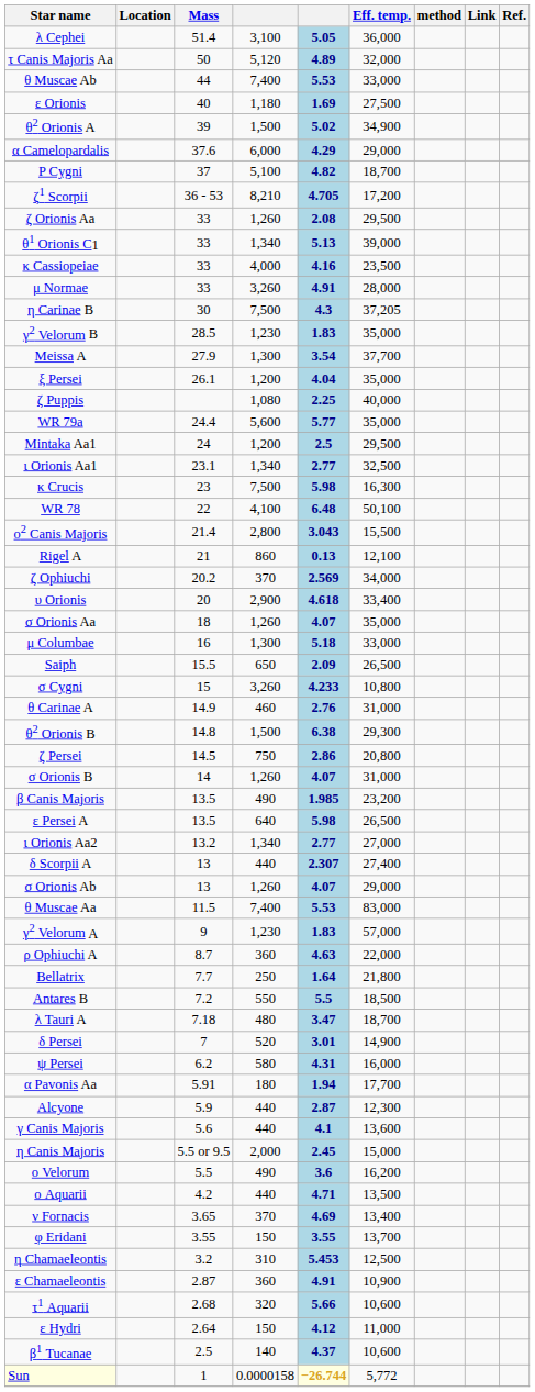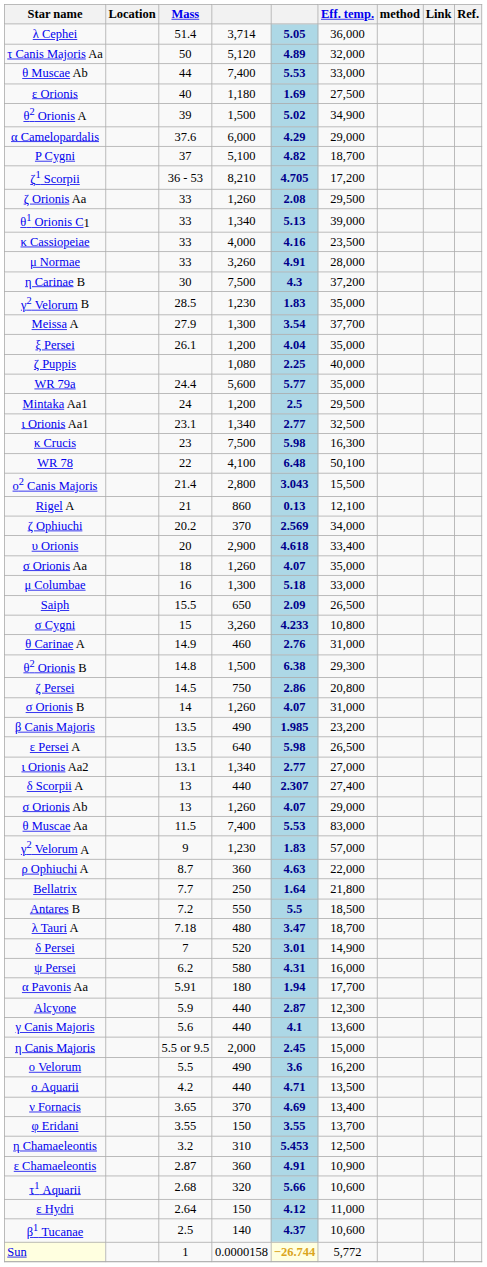 <table class="wikitable sortable">
 <tr style="vertical-align:bottom;">
 <th>Star name</th>
 <th>Location</th>
 <th><a href='#'>Mass</a></th>
 <th></th>
 <th></th>
 <th><a href='#'>Eff. temp.</a></th>
 <th>method</th>
 <th>Link</th>
 <th>Ref.</th>
 </tr>
 <tr style="text-align:center;">
 <td style="background: "><a href='#'>λ Cephei</a></td>
 <td></td>
 <td>51.4</td>
-<td>3,100</td>
+<td>3,714</td>
 <td style="background:lightblue;color:darkblue;"><strong>5.05</strong></td>
 <td>36,000</td>
 <td></td>
 <td></td>
 <td></td>
 </tr>
 <tr style="text-align:center;">
 <td style="background: "><a href='#'>τ Canis Majoris</a> Aa</td>
 <td></td>
 <td>50</td>
 <td>5,120</td>
 <td style="background:lightblue;color:darkblue;"><strong>4.89</strong></td>
 <td>32,000</td>
 <td></td>
 <td></td>
 <td></td>
 </tr>
 <tr style="text-align:center;">
 <td style="background: "><a href='#'>θ Muscae</a> Ab</td>
 <td></td>
 <td>44</td>
 <td>7,400</td>
 <td style="background:lightblue;color:darkblue;"><strong>5.53</strong><br></td>
 <td>33,000</td>
 <td></td>
 <td></td>
 <td></td>
 </tr>
 <tr style="text-align:center;">
 <td style="background: "><a href='#'>ε Orionis</a></td>
 <td></td>
 <td>40</td>
 <td>1,180</td>
 <td style="background:lightblue;color:darkblue;"><strong>1.69</strong></td>
 <td>27,500</td>
 <td></td>
 <td></td>
 <td></td>
 </tr>
 <tr style="text-align:center;">
 <td style="background: "><a href='#'>θ<sup>2</sup> Orionis</a> A</td>
 <td></td>
 <td>39</td>
 <td>1,500</td>
 <td style="background:lightblue;color:darkblue;"><strong>5.02</strong></td>
 <td>34,900</td>
 <td></td>
 <td></td>
 <td></td>
 </tr>
 <tr style="text-align:center;">
 <td style="background: "><a href='#'>α Camelopardalis</a></td>
 <td></td>
 <td>37.6</td>
 <td>6,000</td>
 <td style="background:lightblue;color:darkblue;"><strong>4.29</strong></td>
 <td>29,000</td>
 <td></td>
 <td></td>
 <td></td>
 </tr>
 <tr style="text-align:center;">
 <td style="background: "><a href='#'>P Cygni</a></td>
 <td></td>
 <td>37</td>
 <td>5,100</td>
 <td style="background:lightblue;color:darkblue;"><strong>4.82</strong></td>
 <td>18,700</td>
 <td></td>
 <td></td>
 <td></td>
 </tr>
 <tr style="text-align:center;">
 <td style="background: "><a href='#'>ζ<sup>1</sup> Scorpii</a></td>
 <td></td>
 <td>36 - 53</td>
 <td>8,210</td>
 <td style="background:lightblue;color:darkblue;"><strong>4.705</strong></td>
 <td>17,200</td>
 <td></td>
 <td></td>
 <td></td>
 </tr>
 <tr style="text-align:center;">
 <td style="background: "><a href='#'>ζ Orionis</a> Aa</td>
 <td></td>
 <td>33</td>
 <td>1,260</td>
 <td style="background:lightblue;color:darkblue;"><strong>2.08</strong></td>
 <td>29,500</td>
 <td></td>
 <td></td>
 <td></td>
 </tr>
 <tr style="text-align:center;">
 <td style="background: "><a href='#'>θ<sup>1</sup> Orionis C</a>1</td>
 <td></td>
 <td>33</td>
 <td>1,340</td>
 <td style="background:lightblue;color:darkblue;"><strong>5.13</strong><br></td>
 <td>39,000</td>
 <td></td>
 <td></td>
 <td></td>
 </tr>
 <tr style="text-align:center;">
 <td style="background: "><a href='#'>κ Cassiopeiae</a></td>
 <td></td>
 <td>33</td>
 <td>4,000</td>
 <td style="background:lightblue;color:darkblue;"><strong>4.16</strong></td>
 <td>23,500</td>
 <td></td>
 <td></td>
 <td></td>
 </tr>
 <tr style="text-align:center;">
 <td style="background: "><a href='#'>μ Normae</a></td>
 <td></td>
 <td>33</td>
 <td>3,260</td>
 <td style="background:lightblue;color:darkblue;"><strong>4.91</strong></td>
 <td>28,000</td>
 <td></td>
 <td></td>
 <td></td>
 </tr>
 <tr style="text-align:center;">
 <td style="background: "><a href='#'>η Carinae</a> B</td>
 <td></td>
 <td>30</td>
 <td>7,500</td>
 <td style="background:lightblue;color:darkblue;"><strong>4.3</strong><br></td>
-<td>37,205</td>
+<td>37,200</td>
 <td></td>
 <td></td>
 <td></td>
 </tr>
 <tr style="text-align:center;">
 <td style="background: "><a href='#'>γ<sup>2</sup> Velorum</a> B</td>
 <td></td>
 <td>28.5</td>
 <td>1,230</td>
 <td style="background:lightblue;color:darkblue;"><strong>1.83</strong><br></td>
 <td>35,000</td>
 <td></td>
 <td></td>
 <td></td>
 </tr>
 <tr style="text-align:center;">
 <td style="background: "><a href='#'>Meissa</a> A</td>
 <td></td>
 <td>27.9</td>
 <td>1,300</td>
 <td style="background:lightblue;color:darkblue;"><strong>3.54</strong></td>
 <td>37,700</td>
 <td></td>
 <td></td>
 <td></td>
 </tr>
 <tr style="text-align:center;">
 <td style="background: "><a href='#'>ξ Persei</a></td>
 <td></td>
 <td>26.1</td>
 <td>1,200</td>
 <td style="background:lightblue;color:darkblue;"><strong>4.04</strong></td>
 <td>35,000</td>
 <td></td>
 <td></td>
 <td></td>
 </tr>
 <tr style="text-align:center;">
 <td style="background: "><a href='#'>ζ Puppis</a></td>
 <td></td>
 <td></td>
 <td>1,080</td>
 <td style="background:lightblue;color:darkblue;"><strong>2.25</strong></td>
 <td>40,000</td>
 <td></td>
 <td></td>
 <td></td>
 </tr>
 <tr style="text-align:center;">
 <td style="background: "><a href='#'>WR 79a</a></td>
 <td></td>
 <td>24.4</td>
 <td>5,600</td>
 <td style="background:lightblue;color:darkblue;"><strong>5.77</strong></td>
 <td>35,000</td>
 <td></td>
 <td></td>
 <td></td>
 </tr>
 <tr style="text-align:center;">
 <td style="background: "><a href='#'>Mintaka</a> Aa1</td>
 <td></td>
 <td>24</td>
 <td>1,200</td>
 <td style="background:lightblue;color:darkblue;"><strong>2.5</strong><br></td>
 <td>29,500</td>
 <td></td>
 <td></td>
 <td></td>
 </tr>
 <tr style="text-align:center;">
 <td style="background: "><a href='#'>ι Orionis</a> Aa1</td>
 <td></td>
 <td>23.1</td>
 <td>1,340</td>
 <td style="background:lightblue;color:darkblue;"><strong>2.77</strong><br></td>
 <td>32,500</td>
 <td></td>
 <td></td>
 <td></td>
 </tr>
 <tr style="text-align:center;">
 <td style="background: "><a href='#'>κ Crucis</a></td>
 <td></td>
 <td>23</td>
 <td>7,500</td>
 <td style="background:lightblue;color:darkblue;"><strong>5.98</strong></td>
 <td>16,300</td>
 <td></td>
 <td></td>
 <td></td>
 </tr>
 <tr style="text-align:center;">
 <td style="background: "><a href='#'>WR 78</a></td>
 <td></td>
 <td>22</td>
 <td>4,100</td>
 <td style="background:lightblue;color:darkblue;"><strong>6.48</strong></td>
 <td>50,100</td>
 <td></td>
 <td></td>
 <td></td>
 </tr>
 <tr style="text-align:center;">
 <td style="background: "><a href='#'>ο<sup>2</sup> Canis Majoris</a></td>
 <td></td>
 <td>21.4</td>
 <td>2,800</td>
 <td style="background:lightblue;color:darkblue;"><strong>3.043</strong></td>
 <td>15,500</td>
 <td></td>
 <td></td>
 <td></td>
 </tr>
 <tr style="text-align:center;">
 <td style="background: "><a href='#'>Rigel</a> A</td>
 <td></td>
 <td>21</td>
 <td>860</td>
 <td style="background:lightblue;color:darkblue;"><strong>0.13</strong></td>
 <td>12,100</td>
 <td></td>
 <td></td>
 <td></td>
 </tr>
 <tr style="text-align:center;">
 <td style="background: "><a href='#'>ζ Ophiuchi</a></td>
 <td></td>
 <td>20.2</td>
 <td>370</td>
 <td style="background:lightblue;color:darkblue;"><strong>2.569</strong></td>
 <td>34,000</td>
 <td></td>
 <td></td>
 <td></td>
 </tr>
 <tr style="text-align:center;">
 <td style="background: "><a href='#'>υ Orionis</a></td>
 <td></td>
 <td>20</td>
 <td>2,900</td>
 <td style="background:lightblue;color:darkblue;"><strong>4.618</strong></td>
 <td>33,400</td>
 <td></td>
 <td></td>
 <td></td>
 </tr>
 <tr style="text-align:center;">
 <td style="background: "><a href='#'>σ Orionis</a> Aa</td>
 <td></td>
 <td>18</td>
 <td>1,260</td>
 <td style="background:lightblue;color:darkblue;"><strong>4.07</strong><br></td>
 <td>35,000</td>
 <td></td>
 <td></td>
 <td></td>
 </tr>
 <tr style="text-align:center;">
 <td style="background: "><a href='#'>μ Columbae</a></td>
 <td></td>
 <td>16</td>
 <td>1,300</td>
 <td style="background:lightblue;color:darkblue;"><strong>5.18</strong></td>
 <td>33,000</td>
 <td></td>
 <td></td>
 <td></td>
 </tr>
 <tr style="text-align:center;">
 <td style="background: "><a href='#'>Saiph</a></td>
 <td></td>
 <td>15.5</td>
 <td>650</td>
 <td style="background:lightblue;color:darkblue;"><strong>2.09</strong></td>
 <td>26,500</td>
 <td></td>
 <td></td>
 <td></td>
 </tr>
 <tr style="text-align:center;">
 <td style="background: "><a href='#'>σ Cygni</a></td>
 <td></td>
 <td>15</td>
 <td>3,260</td>
 <td style="background:lightblue;color:darkblue;"><strong>4.233</strong></td>
 <td>10,800</td>
 <td></td>
 <td></td>
 <td></td>
 </tr>
 <tr style="text-align:center;">
 <td style="background: "><a href='#'>θ Carinae</a> A</td>
 <td></td>
 <td>14.9</td>
 <td>460</td>
 <td style="background:lightblue;color:darkblue;"><strong>2.76</strong><br></td>
 <td>31,000</td>
 <td></td>
 <td></td>
 <td></td>
 </tr>
 <tr style="text-align:center;">
 <td style="background: "><a href='#'>θ<sup>2</sup> Orionis</a> B</td>
 <td></td>
 <td>14.8</td>
 <td>1,500</td>
 <td style="background:lightblue;color:darkblue;"><strong>6.38</strong></td>
 <td>29,300</td>
 <td></td>
 <td></td>
 <td></td>
 </tr>
 <tr style="text-align:center;">
 <td style="background: "><a href='#'>ζ Persei</a></td>
 <td></td>
 <td>14.5</td>
 <td>750</td>
 <td style="background:lightblue;color:darkblue;"><strong>2.86</strong></td>
 <td>20,800</td>
 <td></td>
 <td></td>
 <td></td>
 </tr>
 <tr style="text-align:center;">
 <td style="background: "><a href='#'>σ Orionis</a> B</td>
 <td></td>
 <td>14</td>
 <td>1,260</td>
 <td style="background:lightblue;color:darkblue;"><strong>4.07</strong><br></td>
 <td>31,000</td>
 <td></td>
 <td></td>
 <td></td>
 </tr>
 <tr style="text-align:center;">
 <td style="background: "><a href='#'>β Canis Majoris</a></td>
 <td></td>
 <td>13.5</td>
 <td>490</td>
 <td style="background:lightblue;color:darkblue;"><strong>1.985</strong></td>
 <td>23,200</td>
 <td></td>
 <td></td>
 <td></td>
 </tr>
 <tr style="text-align:center;">
 <td style="background: "><a href='#'>ε Persei</a> A</td>
 <td></td>
 <td>13.5</td>
 <td>640</td>
 <td style="background:lightblue;color:darkblue;"><strong>5.98</strong><br></td>
 <td>26,500</td>
 <td></td>
 <td></td>
 <td></td>
 </tr>
 <tr style="text-align:center;">
 <td style="background: "><a href='#'>ι Orionis</a> Aa2</td>
 <td></td>
-<td>13.2</td>
+<td>13.1</td>
 <td>1,340</td>
 <td style="background:lightblue;color:darkblue;"><strong>2.77</strong><br></td>
 <td>27,000</td>
 <td></td>
 <td></td>
 <td></td>
 </tr>
 <tr style="text-align:center;">
 <td style="background: "><a href='#'>δ Scorpii</a> A</td>
 <td></td>
 <td>13</td>
 <td>440</td>
 <td style="background:lightblue;color:darkblue;"><strong>2.307</strong><br></td>
 <td>27,400</td>
 <td></td>
 <td></td>
 <td></td>
 </tr>
 <tr style="text-align:center;">
 <td style="background: "><a href='#'>σ Orionis</a> Ab</td>
 <td></td>
 <td>13</td>
 <td>1,260</td>
 <td style="background:lightblue;color:darkblue;"><strong>4.07</strong><br></td>
 <td>29,000</td>
 <td></td>
 <td></td>
 <td></td>
 </tr>
 <tr style="text-align:center;">
 <td style="background: "><a href='#'>θ Muscae</a> Aa</td>
 <td></td>
 <td>11.5</td>
 <td>7,400</td>
 <td style="background:lightblue;color:darkblue;"><strong>5.53</strong><br></td>
 <td>83,000</td>
 <td></td>
 <td></td>
 <td></td>
 </tr>
 <tr style="text-align:center;">
 <td style="background: "><a href='#'>γ<sup>2</sup> Velorum</a> A</td>
 <td></td>
 <td>9</td>
 <td>1,230</td>
 <td style="background:lightblue;color:darkblue;"><strong>1.83</strong><br></td>
 <td>57,000</td>
 <td></td>
 <td></td>
 <td></td>
 </tr>
 <tr style="text-align:center;">
 <td style="background: "><a href='#'>ρ Ophiuchi</a> A</td>
 <td></td>
 <td>8.7</td>
 <td>360</td>
 <td style="background:lightblue;color:darkblue;"><strong>4.63</strong><br></td>
 <td>22,000</td>
 <td></td>
 <td></td>
 <td></td>
 </tr>
 <tr style="text-align:center;">
 <td style="background: "><a href='#'>Bellatrix</a></td>
 <td></td>
 <td>7.7</td>
 <td>250</td>
 <td style="background:lightblue;color:darkblue;"><strong>1.64</strong></td>
 <td>21,800</td>
 <td></td>
 <td></td>
 <td></td>
 </tr>
 <tr style="text-align:center;">
 <td style="background: "><a href='#'>Antares</a> B</td>
 <td></td>
 <td>7.2</td>
 <td>550</td>
 <td style="background:lightblue;color:darkblue;"><strong>5.5</strong></td>
 <td>18,500</td>
 <td></td>
 <td></td>
 <td></td>
 </tr>
 <tr style="text-align:center;">
 <td style="background: "><a href='#'>λ Tauri</a> A</td>
 <td></td>
 <td>7.18</td>
 <td>480</td>
 <td style="background:lightblue;color:darkblue;"><strong>3.47</strong><br></td>
 <td>18,700</td>
 <td></td>
 <td></td>
 <td></td>
 </tr>
 <tr style="text-align:center;">
 <td style="background: "><a href='#'>δ Persei</a></td>
 <td></td>
 <td>7</td>
 <td>520</td>
 <td style="background:lightblue;color:darkblue;"><strong>3.01</strong></td>
 <td>14,900</td>
 <td></td>
 <td></td>
 <td></td>
 </tr>
 <tr style="text-align:center;">
 <td style="background: "><a href='#'>ψ Persei</a></td>
 <td></td>
 <td>6.2</td>
 <td>580</td>
 <td style="background:lightblue;color:darkblue;"><strong>4.31</strong></td>
 <td>16,000</td>
 <td></td>
 <td></td>
 <td></td>
 </tr>
 <tr style="text-align:center;">
 <td style="background: "><a href='#'>α Pavonis</a> Aa</td>
 <td></td>
 <td>5.91</td>
 <td>180</td>
 <td style="background:lightblue;color:darkblue;"><strong>1.94</strong></td>
 <td>17,700</td>
 <td></td>
 <td></td>
 <td></td>
 </tr>
 <tr style="text-align:center;">
 <td style="background: "><a href='#'>Alcyone</a></td>
 <td></td>
 <td>5.9</td>
 <td>440</td>
 <td style="background:lightblue;color:darkblue;"><strong>2.87</strong><br></td>
 <td>12,300</td>
 <td></td>
 <td></td>
 <td></td>
 </tr>
 <tr style="text-align:center;">
 <td style="background: "><a href='#'>γ Canis Majoris</a></td>
 <td></td>
 <td>5.6</td>
 <td>440</td>
 <td style="background:lightblue;color:darkblue;"><strong>4.1</strong></td>
 <td>13,600</td>
 <td></td>
 <td></td>
 <td></td>
 </tr>
 <tr style="text-align:center;">
 <td style="background: "><a href='#'>η Canis Majoris</a></td>
 <td></td>
 <td>5.5 or 9.5</td>
 <td>2,000</td>
 <td style="background:lightblue;color:darkblue;"><strong>2.45</strong></td>
 <td>15,000</td>
 <td></td>
 <td></td>
 <td></td>
 </tr>
 <tr style="text-align:center;">
 <td style="background: "><a href='#'>ο Velorum</a></td>
 <td></td>
 <td>5.5</td>
 <td>490</td>
 <td style="background:lightblue;color:darkblue;"><strong>3.6</strong></td>
 <td>16,200</td>
 <td></td>
 <td></td>
 <td></td>
 </tr>
 <tr style="text-align:center;">
 <td style="background: "><a href='#'>ο Aquarii</a></td>
 <td></td>
 <td>4.2</td>
 <td>440</td>
 <td style="background:lightblue;color:darkblue;"><strong>4.71</strong></td>
 <td>13,500</td>
 <td></td>
 <td></td>
 <td></td>
 </tr>
 <tr style="text-align:center;">
 <td style="background: "><a href='#'>ν Fornacis</a></td>
 <td></td>
 <td>3.65</td>
 <td>370</td>
 <td style="background:lightblue;color:darkblue;"><strong>4.69</strong></td>
 <td>13,400</td>
 <td></td>
 <td></td>
 <td></td>
 </tr>
 <tr style="text-align:center;">
 <td style="background: "><a href='#'>φ Eridani</a></td>
 <td></td>
 <td>3.55</td>
 <td>150</td>
 <td style="background:lightblue;color:darkblue;"><strong>3.55</strong></td>
 <td>13,700</td>
 <td></td>
 <td></td>
 <td></td>
 </tr>
 <tr style="text-align:center;">
 <td style="background: "><a href='#'>η Chamaeleontis</a></td>
 <td></td>
 <td>3.2</td>
 <td>310</td>
 <td style="background:lightblue;color:darkblue;"><strong>5.453</strong></td>
 <td>12,500</td>
 <td></td>
 <td></td>
 <td></td>
 </tr>
 <tr style="text-align:center;">
 <td style="background: "><a href='#'>ε Chamaeleontis</a></td>
 <td></td>
 <td>2.87</td>
 <td>360</td>
 <td style="background:lightblue;color:darkblue;"><strong>4.91</strong></td>
 <td>10,900</td>
 <td></td>
 <td></td>
 <td></td>
 </tr>
 <tr style="text-align:center;">
 <td style="background: "><a href='#'>τ<sup>1</sup> Aquarii</a></td>
 <td></td>
 <td>2.68</td>
 <td>320</td>
 <td style="background:lightblue;color:darkblue;"><strong>5.66</strong></td>
 <td>10,600</td>
 <td></td>
 <td></td>
 <td></td>
 </tr>
 <tr style="text-align:center;">
 <td style="background: "><a href='#'>ε Hydri</a></td>
 <td></td>
 <td>2.64</td>
 <td>150</td>
 <td style="background:lightblue;color:darkblue;"><strong>4.12</strong></td>
 <td>11,000</td>
 <td></td>
 <td></td>
 <td></td>
 </tr>
 <tr style="text-align:center;">
 <td style="background: "><a href='#'>β<sup>1</sup> Tucanae</a></td>
 <td></td>
 <td>2.5</td>
 <td>140</td>
 <td style="background:lightblue;color:darkblue;"><strong>4.37</strong></td>
 <td>10,600</td>
 <td></td>
 <td></td>
 <td></td>
 </tr>
 <tr style="text-align:center;">
 <td style="background:lightyellow;text-align:left;"><a href='#'>Sun</a></td>
 <td></td>
 <td>1</td>
 <td>0.0000158</td>
 <td style="background:lightyellow;color:goldenrod;"><strong>−26.744</strong></td>
 <td>5,772</td>
 <td></td>
 <td></td>
 <td></td>
 </tr>
 <tr>
 </tr>
 </table>
